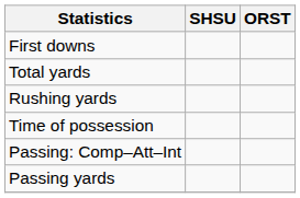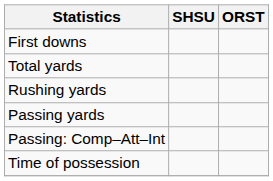 <table class="wikitable" style="float: left;">
 <tr>
 <th>Statistics</th>
 <th>SHSU</th>
 <th>ORST</th>
 </tr>
 <tr>
 <td>First downs</td>
 <td></td>
 <td></td>
 </tr>
 <tr>
 <td>Total yards</td>
 <td></td>
 <td></td>
 </tr>
 <tr>
 <td>Rushing yards</td>
 <td></td>
 <td></td>
 </tr>
 <tr>
-<td>Time of possession</td>
+<td>Passing yards</td>
 <td></td>
 <td></td>
 </tr>
 <tr>
 <td>Passing: Comp–Att–Int</td>
 <td></td>
 <td></td>
 </tr>
 <tr>
-<td>Passing yards</td>
+<td>Time of possession</td>
 <td></td>
 <td></td>
 </tr>
 <tr>
 </tr>
 </table>
